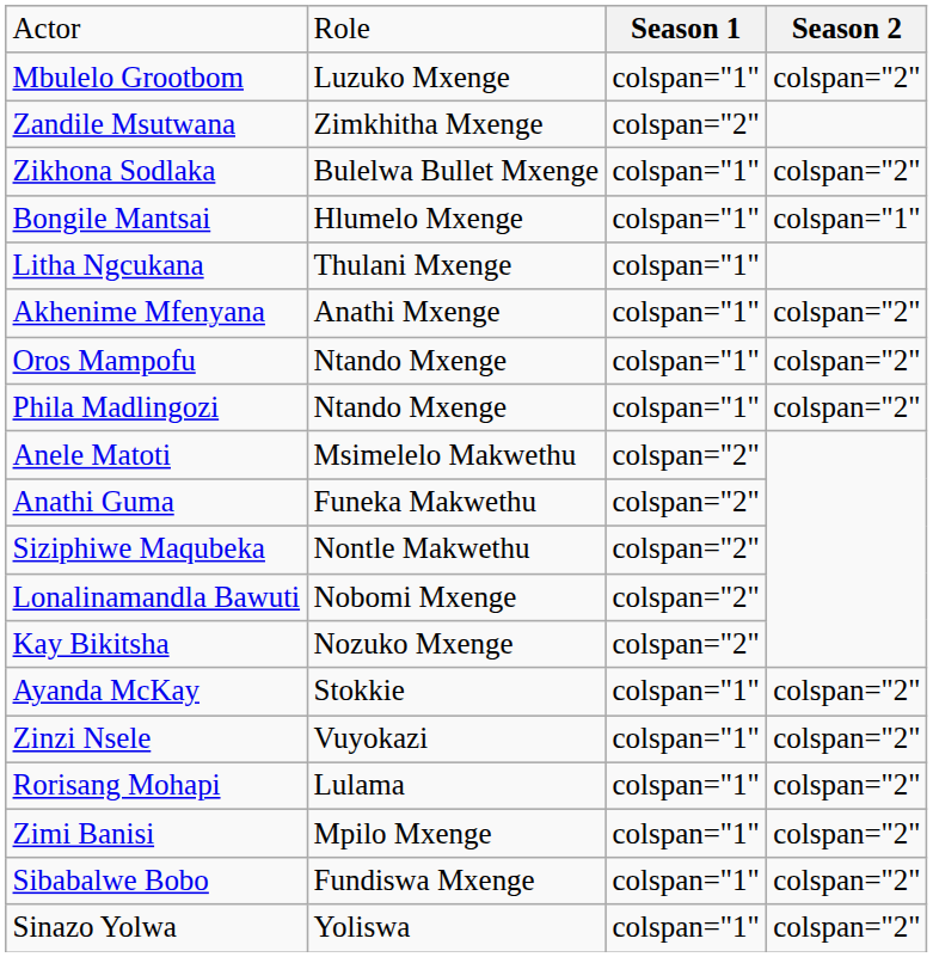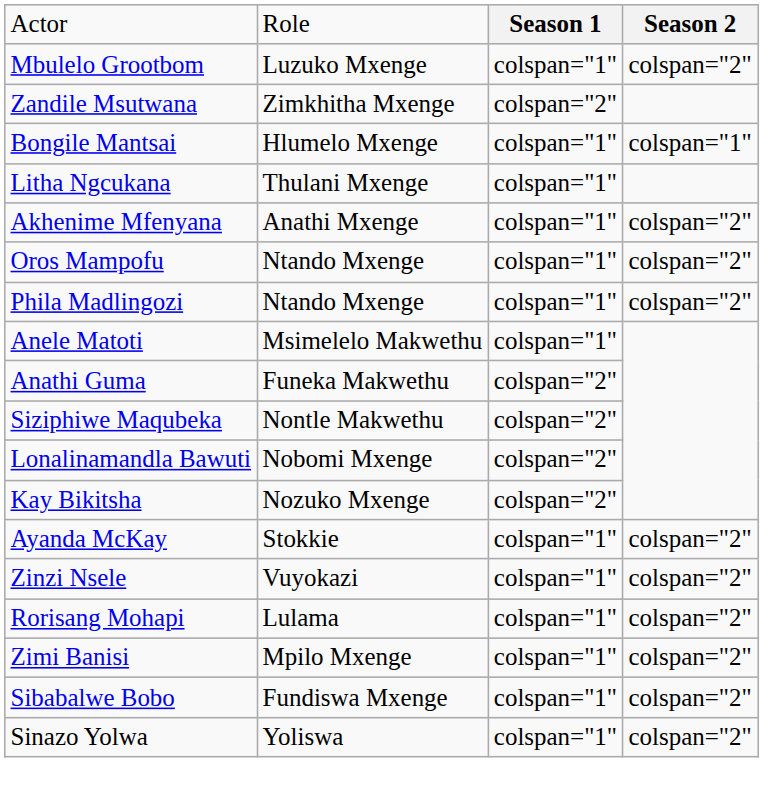 <table class="wikitable">
 <tr>
 <td>Actor</td>
 <td>Role</td>
 <th>Season 1</th>
 <th>Season 2</th>
 </tr>
 <tr>
 <td><a href='#'>Mbulelo Grootbom</a></td>
 <td>Luzuko Mxenge</td>
 <td>colspan="1"</td>
 <td>colspan="2"</td>
 </tr>
 <tr>
 <td><a href='#'>Zandile Msutwana</a></td>
 <td>Zimkhitha Mxenge</td>
-<td>colspan="2"</td>
-</tr>
-<tr>
-<td><a href='#'>Zikhona Sodlaka</a></td>
-<td>Bulelwa Bullet Mxenge</td>
-<td>colspan="1"</td>
 <td>colspan="2"</td>
 </tr>
 <tr>
 <td><a href='#'>Bongile Mantsai</a></td>
 <td>Hlumelo Mxenge</td>
 <td>colspan="1"</td>
 <td>colspan="1" </td>
 </tr>
 <tr>
 <td><a href='#'>Litha Ngcukana</a></td>
 <td>Thulani Mxenge</td>
 <td>colspan="1"</td>
 </tr>
 <tr>
 <td><a href='#'>Akhenime Mfenyana</a></td>
 <td>Anathi Mxenge</td>
 <td>colspan="1"</td>
 <td>colspan="2"</td>
 </tr>
 <tr>
 <td><a href='#'>Oros Mampofu</a></td>
 <td>Ntando Mxenge</td>
 <td>colspan="1"</td>
 <td>colspan="2"</td>
 </tr>
 <tr>
 <td><a href='#'>Phila Madlingozi</a></td>
 <td>Ntando Mxenge</td>
 <td>colspan="1"</td>
 <td>colspan="2"</td>
 </tr>
 <tr>
 <td><a href='#'>Anele Matoti</a></td>
 <td>Msimelelo Makwethu</td>
-<td>colspan="2"</td>
+<td>colspan="1"</td>
 </tr>
 <tr>
 <td><a href='#'>Anathi Guma</a></td>
 <td>Funeka Makwethu</td>
 <td>colspan="2"</td>
 </tr>
 <tr>
 <td><a href='#'>Siziphiwe Maqubeka</a></td>
 <td>Nontle Makwethu</td>
 <td>colspan="2"</td>
 </tr>
 <tr>
 <td><a href='#'>Lonalinamandla Bawuti</a></td>
 <td>Nobomi Mxenge</td>
 <td>colspan="2"</td>
 </tr>
 <tr>
 <td><a href='#'>Kay Bikitsha</a></td>
 <td>Nozuko Mxenge</td>
 <td>colspan="2"</td>
 </tr>
 <tr>
 <td><a href='#'>Ayanda McKay</a></td>
 <td>Stokkie</td>
 <td>colspan="1"</td>
 <td>colspan="2"</td>
 </tr>
 <tr>
 <td><a href='#'>Zinzi Nsele</a></td>
 <td>Vuyokazi</td>
 <td>colspan="1"</td>
 <td>colspan="2"</td>
 </tr>
 <tr>
 <td><a href='#'>Rorisang Mohapi</a></td>
 <td>Lulama</td>
 <td>colspan="1"</td>
 <td>colspan="2"</td>
 </tr>
 <tr>
 <td><a href='#'>Zimi Banisi</a></td>
 <td>Mpilo Mxenge</td>
 <td>colspan="1"</td>
 <td>colspan="2"</td>
 </tr>
 <tr>
 <td><a href='#'>Sibabalwe Bobo</a></td>
 <td>Fundiswa Mxenge</td>
 <td>colspan="1"</td>
 <td>colspan="2"</td>
 </tr>
 <tr>
 <td>Sinazo Yolwa</td>
 <td>Yoliswa</td>
 <td>colspan="1"</td>
 <td>colspan="2"</td>
 </tr>
 </table>
